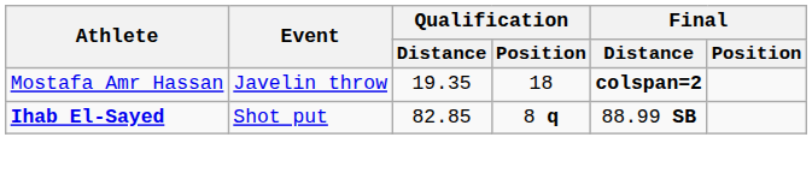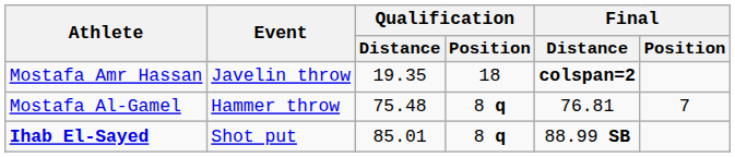 <table class=wikitable style="font-size:90%">
 <tr>
 <th rowspan="2">Athlete</th>
 <th rowspan="2">Event</th>
 <th colspan="2">Qualification</th>
 <th colspan="2">Final</th>
 </tr>
 <tr style="font-size:95%">
 <th>Distance</th>
 <th>Position</th>
 <th>Distance</th>
 <th>Position</th>
 </tr>
 <tr style=text-align:center>
 <td style=text-align:left><a href='#'>Mostafa Amr Hassan</a></td>
 <td style=text-align:left><a href='#'>Javelin throw</a></td>
 <td>19.35</td>
 <td>18</td>
 <td><strong>colspan=2 </strong></td>
 </tr>
 <tr style=text-align:center>
+<td style=text-align:left><a href='#'>Mostafa Al-Gamel</a></td>
+<td style=text-align:left><a href='#'>Hammer throw</a></td>
+<td>75.48</td>
+<td>8 <strong>q</strong></td>
+<td>76.81</td>
+<td>7</td>
+</tr>
+<tr style=text-align:center>
 <td style=text-align:left><strong><a href='#'>Ihab El-Sayed</a></strong></td>
 <td style=text-align:left><a href='#'>Shot put</a></td>
-<td>82.85</td>
+<td>85.01</td>
 <td>8 <strong>q</strong></td>
 <td>88.99 <strong>SB</strong></td>
 <td></td>
 </tr>
 </table>
